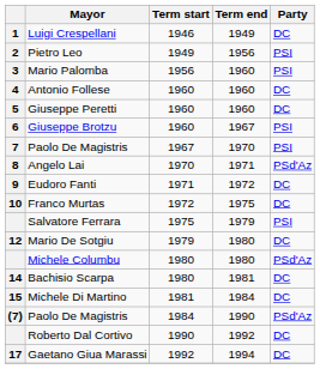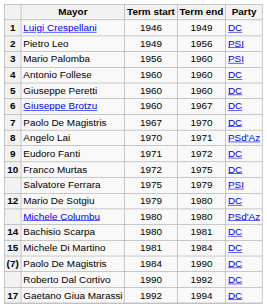 <table class="wikitable">
 <tr>
 <th class=unsortable> </th>
 <th>Mayor</th>
 <th>Term start</th>
 <th>Term end</th>
 <th>Party</th>
 </tr>
 <tr>
 <th style="background:">1</th>
 <td><a href='#'>Luigi Crespellani</a></td>
 <td align=center>1946</td>
 <td align=center>1949</td>
 <td><a href='#'>DC</a></td>
 </tr>
 <tr>
 <th style="background:">2</th>
 <td>Pietro Leo</td>
 <td align=center>1949</td>
 <td align=center>1956</td>
 <td><a href='#'>PSI</a></td>
 </tr>
 <tr>
 <th style="background:">3</th>
 <td>Mario Palomba</td>
 <td align=center>1956</td>
 <td align=center>1960</td>
 <td><a href='#'>PSI</a></td>
 </tr>
 <tr>
 <th style="background:">4</th>
 <td>Antonio Follese</td>
 <td align=center>1960</td>
 <td align=center>1960</td>
 <td><a href='#'>DC</a></td>
 </tr>
 <tr>
 <th style="background:">5</th>
 <td>Giuseppe Peretti</td>
 <td align=center>1960</td>
 <td align=center>1960</td>
 <td><a href='#'>DC</a></td>
 </tr>
 <tr>
 <th style="background:">6</th>
 <td><a href='#'>Giuseppe Brotzu</a></td>
 <td align=center>1960</td>
 <td align=center>1967</td>
-<td><a href='#'>PSI</a></td>
+<td><a href='#'>DC</a></td>
 </tr>
 <tr>
 <th style="background:">7</th>
 <td>Paolo De Magistris</td>
 <td align=center>1967</td>
 <td align=center>1970</td>
-<td><a href='#'>PSI</a></td>
+<td><a href='#'>DC</a></td>
 </tr>
 <tr>
 <th style="background:">8</th>
 <td>Angelo Lai</td>
 <td align=center>1970</td>
 <td align=center>1971</td>
 <td><a href='#'>PSd'Az</a></td>
 </tr>
 <tr>
 <th style="background:">9</th>
 <td>Eudoro Fanti</td>
 <td align=center>1971</td>
 <td align=center>1972</td>
 <td><a href='#'>DC</a></td>
 </tr>
 <tr>
 <th style="background:">10</th>
 <td>Franco Murtas</td>
 <td align=center>1972</td>
 <td align=center>1975</td>
 <td><a href='#'>DC</a></td>
 </tr>
 <tr>
 <th style="background:"></th>
 <td>Salvatore Ferrara</td>
 <td align=center>1975</td>
 <td align=center>1979</td>
 <td><a href='#'>PSI</a></td>
 </tr>
 <tr>
 <th style="background:">12</th>
 <td>Mario De Sotgiu</td>
 <td align=center>1979</td>
 <td align=center>1980</td>
 <td><a href='#'>DC</a></td>
 </tr>
 <tr>
 <th style="background:"></th>
 <td><a href='#'>Michele Columbu</a></td>
 <td align=center>1980</td>
 <td align=center>1980</td>
 <td><a href='#'>PSd'Az</a></td>
 </tr>
 <tr>
 <th style="background:">14</th>
 <td>Bachisio Scarpa</td>
 <td align=center>1980</td>
 <td align=center>1981</td>
 <td><a href='#'>DC</a></td>
 </tr>
 <tr>
 <th style="background:">15</th>
 <td>Michele Di Martino</td>
 <td align=center>1981</td>
 <td align=center>1984</td>
 <td><a href='#'>DC</a></td>
 </tr>
 <tr>
 <th style="background:">(7)</th>
 <td>Paolo De Magistris</td>
 <td align=center>1984</td>
 <td align=center>1990</td>
-<td><a href='#'>PSd'Az</a></td>
+<td><a href='#'>DC</a></td>
 </tr>
 <tr>
 <th style="background:"></th>
 <td>Roberto Dal Cortivo</td>
 <td align=center>1990</td>
 <td align=center>1992</td>
 <td><a href='#'>DC</a></td>
 </tr>
 <tr>
 <th style="background:">17</th>
 <td>Gaetano Giua Marassi</td>
 <td align=center>1992</td>
 <td align=center>1994</td>
 <td><a href='#'>DC</a></td>
 </tr>
 <tr>
 </tr>
 </table>
